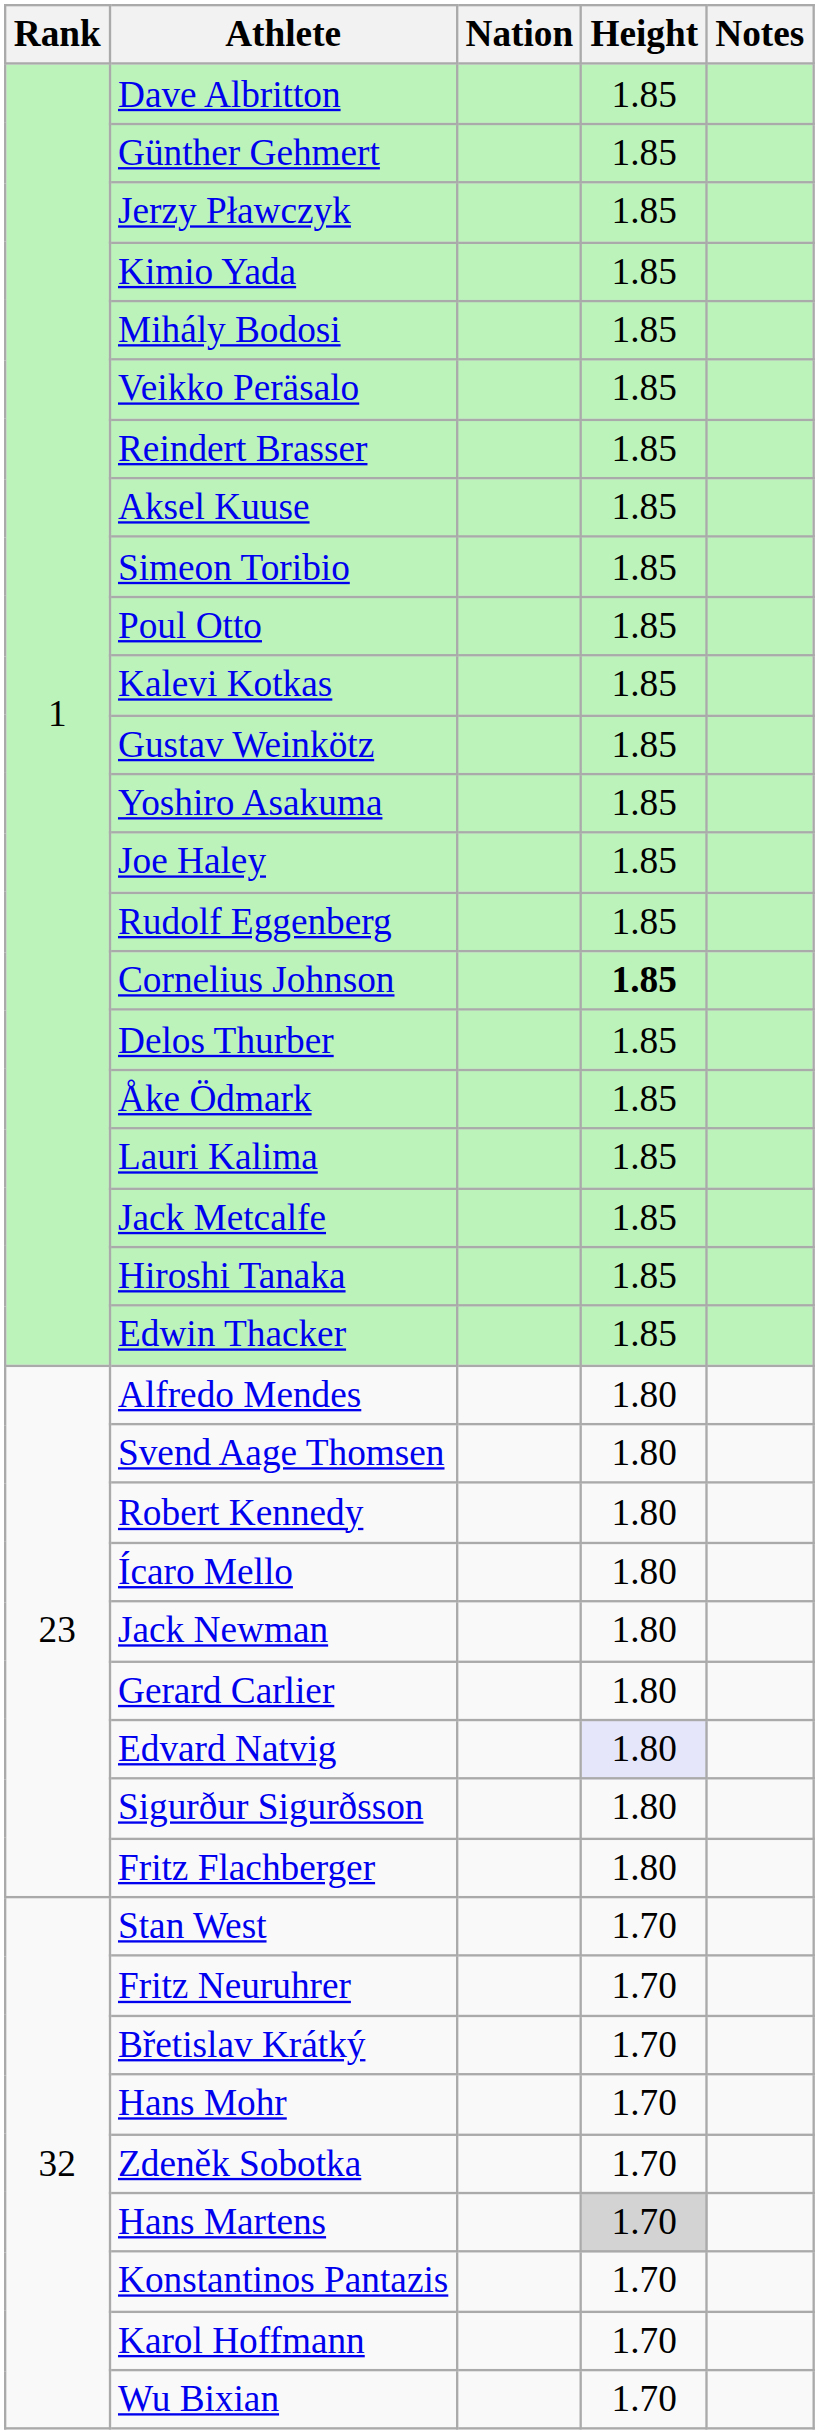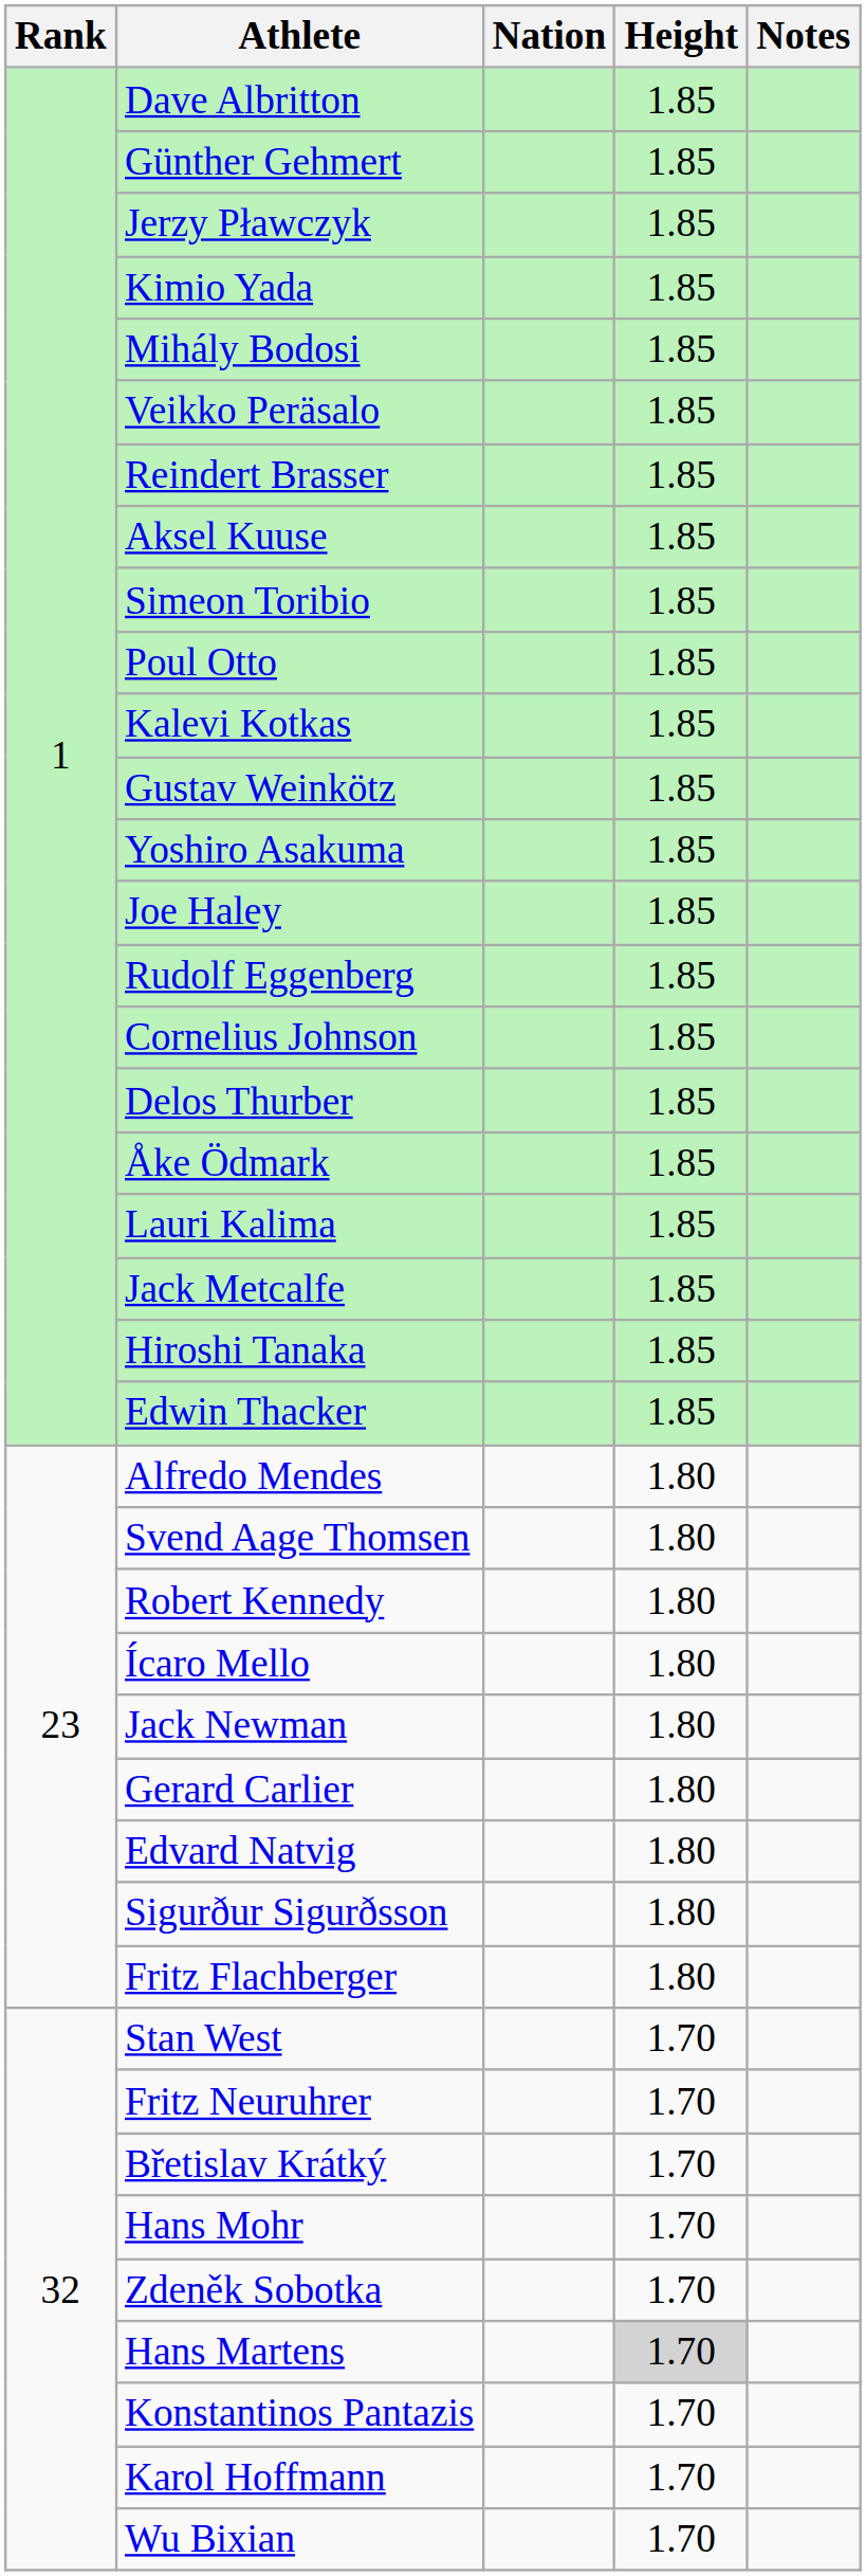 <table class="wikitable sortable" style="text-align:center">
 <tr>
 <th>Rank</th>
 <th>Athlete</th>
 <th>Nation</th>
 <th>Height</th>
 <th>Notes</th>
 </tr>
 <tr bgcolor=bbf3bb>
 <td rowspan=22>1</td>
 <td align="left"><a href='#'>Dave Albritton</a></td>
 <td align="left"></td>
 <td>1.85</td>
 <td></td>
 </tr>
 <tr bgcolor=bbf3bb>
 <td align="left"><a href='#'>Günther Gehmert</a></td>
 <td align="left"></td>
 <td>1.85</td>
 <td></td>
 </tr>
 <tr bgcolor=bbf3bb>
 <td align="left"><a href='#'>Jerzy Pławczyk</a></td>
 <td align="left"></td>
 <td>1.85</td>
 <td></td>
 </tr>
 <tr bgcolor=bbf3bb>
 <td align="left"><a href='#'>Kimio Yada</a></td>
 <td align="left"></td>
 <td>1.85</td>
 <td></td>
 </tr>
 <tr bgcolor=bbf3bb>
 <td align="left"><a href='#'>Mihály Bodosi</a></td>
 <td align="left"></td>
 <td>1.85</td>
 <td></td>
 </tr>
 <tr bgcolor=bbf3bb>
 <td align="left"><a href='#'>Veikko Peräsalo</a></td>
 <td align="left"></td>
 <td>1.85</td>
 <td></td>
 </tr>
 <tr bgcolor=bbf3bb>
 <td align="left"><a href='#'>Reindert Brasser</a></td>
 <td align="left"></td>
 <td>1.85</td>
 <td></td>
 </tr>
 <tr bgcolor=bbf3bb>
 <td align="left"><a href='#'>Aksel Kuuse</a></td>
 <td align="left"></td>
 <td>1.85</td>
 <td></td>
 </tr>
 <tr bgcolor=bbf3bb>
 <td align="left"><a href='#'>Simeon Toribio</a></td>
 <td align="left"></td>
 <td>1.85</td>
 <td></td>
 </tr>
 <tr bgcolor=bbf3bb>
 <td align="left"><a href='#'>Poul Otto</a></td>
 <td align="left"></td>
 <td>1.85</td>
 <td></td>
 </tr>
 <tr bgcolor=bbf3bb>
 <td align="left"><a href='#'>Kalevi Kotkas</a></td>
 <td align="left"></td>
 <td>1.85</td>
 <td></td>
 </tr>
 <tr bgcolor=bbf3bb>
 <td align="left"><a href='#'>Gustav Weinkötz</a></td>
 <td align="left"></td>
 <td>1.85</td>
 <td></td>
 </tr>
 <tr bgcolor=bbf3bb>
 <td align="left"><a href='#'>Yoshiro Asakuma</a></td>
 <td align="left"></td>
 <td>1.85</td>
 <td></td>
 </tr>
 <tr bgcolor=bbf3bb>
 <td align="left"><a href='#'>Joe Haley</a></td>
 <td align="left"></td>
 <td>1.85</td>
 <td></td>
 </tr>
 <tr bgcolor=bbf3bb>
 <td align="left"><a href='#'>Rudolf Eggenberg</a></td>
 <td align="left"></td>
 <td>1.85</td>
 <td></td>
 </tr>
 <tr bgcolor=bbf3bb>
 <td align="left"><a href='#'>Cornelius Johnson</a></td>
 <td align="left"></td>
-<td><strong>1.85</strong></td>
+<td>1.85</td>
 <td></td>
 </tr>
 <tr bgcolor=bbf3bb>
 <td align="left"><a href='#'>Delos Thurber</a></td>
 <td align="left"></td>
 <td>1.85</td>
 <td></td>
 </tr>
 <tr bgcolor=bbf3bb>
 <td align="left"><a href='#'>Åke Ödmark</a></td>
 <td align="left"></td>
 <td>1.85</td>
 <td></td>
 </tr>
 <tr bgcolor=bbf3bb>
 <td align="left"><a href='#'>Lauri Kalima</a></td>
 <td align="left"></td>
 <td>1.85</td>
 <td></td>
 </tr>
 <tr bgcolor=bbf3bb>
 <td align="left"><a href='#'>Jack Metcalfe</a></td>
 <td align="left"></td>
 <td>1.85</td>
 <td></td>
 </tr>
 <tr bgcolor=bbf3bb>
 <td align="left"><a href='#'>Hiroshi Tanaka</a></td>
 <td align="left"></td>
 <td>1.85</td>
 <td></td>
 </tr>
 <tr bgcolor=bbf3bb>
 <td align="left"><a href='#'>Edwin Thacker</a></td>
 <td align="left"></td>
 <td>1.85</td>
 <td></td>
 </tr>
 <tr>
 <td rowspan=9>23</td>
 <td align="left"><a href='#'>Alfredo Mendes</a></td>
 <td align="left"></td>
 <td>1.80</td>
 <td></td>
 </tr>
 <tr>
 <td align="left"><a href='#'>Svend Aage Thomsen</a></td>
 <td align="left"></td>
 <td>1.80</td>
 <td></td>
 </tr>
 <tr>
 <td align="left"><a href='#'>Robert Kennedy</a></td>
 <td align="left"></td>
 <td>1.80</td>
 <td></td>
 </tr>
 <tr>
 <td align="left"><a href='#'>Ícaro Mello</a></td>
 <td align="left"></td>
 <td>1.80</td>
 <td></td>
 </tr>
 <tr>
 <td align="left"><a href='#'>Jack Newman</a></td>
 <td align="left"></td>
 <td>1.80</td>
 <td></td>
 </tr>
 <tr>
 <td align="left"><a href='#'>Gerard Carlier</a></td>
 <td align="left"></td>
 <td>1.80</td>
 <td></td>
 </tr>
 <tr>
 <td align="left"><a href='#'>Edvard Natvig</a></td>
 <td align="left"></td>
-<td style="background: lavender;">1.80</td>
+<td>1.80</td>
 <td></td>
 </tr>
 <tr>
 <td align="left"><a href='#'>Sigurður Sigurðsson</a></td>
 <td align="left"></td>
 <td>1.80</td>
 <td></td>
 </tr>
 <tr>
 <td align="left"><a href='#'>Fritz Flachberger</a></td>
 <td align="left"></td>
 <td>1.80</td>
 <td></td>
 </tr>
 <tr>
 <td rowspan=9>32</td>
 <td align="left"><a href='#'>Stan West</a></td>
 <td align="left"></td>
 <td>1.70</td>
 <td></td>
 </tr>
 <tr>
 <td align="left"><a href='#'>Fritz Neuruhrer</a></td>
 <td align="left"></td>
 <td>1.70</td>
 <td></td>
 </tr>
 <tr>
 <td align="left"><a href='#'>Břetislav Krátký</a></td>
 <td align="left"></td>
 <td>1.70</td>
 <td></td>
 </tr>
 <tr>
 <td align="left"><a href='#'>Hans Mohr</a></td>
 <td align="left"></td>
 <td>1.70</td>
 <td></td>
 </tr>
 <tr>
 <td align="left"><a href='#'>Zdeněk Sobotka</a></td>
 <td align="left"></td>
 <td>1.70</td>
 <td></td>
 </tr>
 <tr>
 <td align="left"><a href='#'>Hans Martens</a></td>
 <td align="left"></td>
 <td style="background: lightgrey;">1.70</td>
 <td></td>
 </tr>
 <tr>
 <td align="left"><a href='#'>Konstantinos Pantazis</a></td>
 <td align="left"></td>
 <td>1.70</td>
 <td></td>
 </tr>
 <tr>
 <td align="left"><a href='#'>Karol Hoffmann</a></td>
 <td align="left"></td>
 <td>1.70</td>
 <td></td>
 </tr>
 <tr>
 <td align="left"><a href='#'>Wu Bixian</a></td>
 <td align="left"></td>
 <td>1.70</td>
 <td></td>
 </tr>
 </table>
